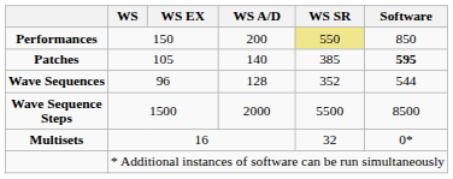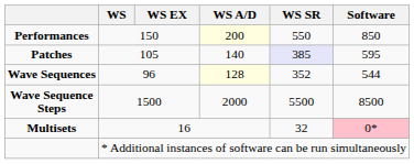 <table class="wikitable" table align="left" style="text-align: center; margin-right:1em">
 <tr>
 <th></th>
 <th>WS</th>
 <th>WS EX</th>
 <th>WS A/D</th>
 <th>WS SR</th>
 <th>Software</th>
 </tr>
 <tr>
 <td><strong>Performances</strong></td>
 <td colspan="2">150</td>
-<td>200</td>
-<td style="background: khaki;">550</td>
+<td style="background: lightyellow;">200</td>
+<td>550</td>
 <td>850</td>
 </tr>
 <tr>
 <td><strong>Patches</strong></td>
 <td colspan="2">105</td>
 <td>140</td>
-<td>385</td>
-<td><strong>595</strong></td>
+<td style="background: lavender;">385</td>
+<td>595</td>
 </tr>
 <tr>
 <td><strong>Wave Sequences</strong></td>
 <td colspan="2">96</td>
-<td>128</td>
+<td style="background: lightyellow;">128</td>
 <td>352</td>
 <td>544</td>
 </tr>
 <tr>
 <td><strong>Wave Sequence<br>Steps</strong></td>
 <td colspan="2">1500</td>
 <td>2000</td>
 <td>5500</td>
 <td>8500</td>
 </tr>
 <tr>
 <td><strong>Multisets</strong></td>
 <td colspan="3">16</td>
 <td>32</td>
-<td>0*</td>
+<td style="background: pink;">0*</td>
 </tr>
 <tr>
 <td></td>
 <td colspan="5" align="left">* Additional instances of software can be run simultaneously</td>
 </tr>
 </table>
